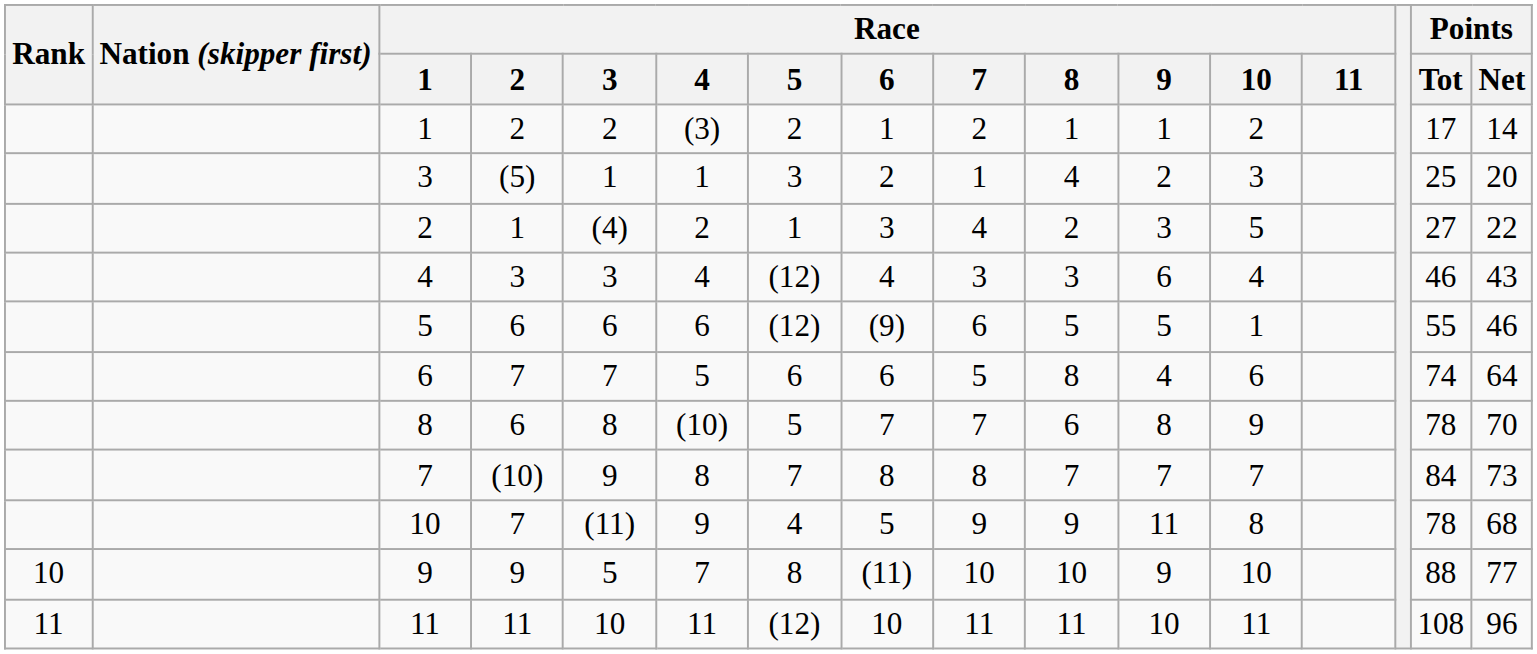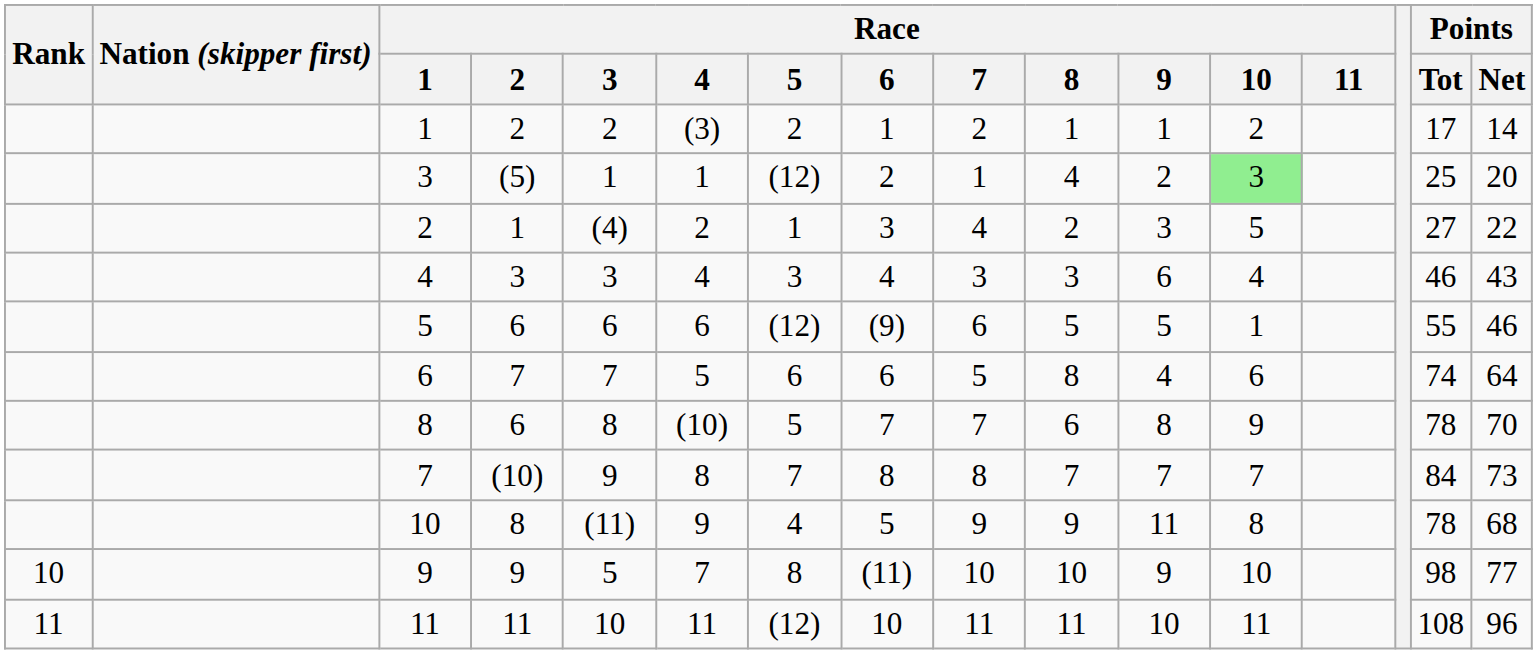 <table class="wikitable" style="text-align:center">
 <tr>
 <th rowspan="2">Rank</th>
 <th rowspan="2">Nation <em>(skipper first)</em></th>
 <th colspan="11">Race</th>
 <th width=1% rowspan=45></th>
 <th colspan="2">Points</th>
 </tr>
 <tr>
 <th width=40>1</th>
 <th width=40>2</th>
 <th width=40>3</th>
 <th width=40>4</th>
 <th width=40>5</th>
 <th width=40>6</th>
 <th width=40>7</th>
 <th width=40>8</th>
 <th width=40>9</th>
 <th width=40>10</th>
 <th width=40>11</th>
 <th>Tot</th>
 <th>Net</th>
 </tr>
 <tr>
 <td></td>
 <td align=left></td>
 <td>1</td>
 <td>2</td>
 <td>2</td>
 <td>(3)</td>
 <td>2</td>
 <td>1</td>
 <td>2</td>
 <td>1</td>
 <td>1</td>
 <td>2</td>
 <td></td>
 <td>17</td>
 <td>14</td>
 </tr>
 <tr>
 <td></td>
 <td align=left></td>
 <td>3</td>
 <td>(5)</td>
 <td>1</td>
 <td>1</td>
-<td>3</td>
+<td>(12)<br><small></small></td>
 <td>2</td>
 <td>1</td>
 <td>4</td>
 <td>2</td>
-<td>3</td>
+<td style="background: lightgreen;">3</td>
 <td></td>
 <td>25</td>
 <td>20</td>
 </tr>
 <tr>
 <td></td>
 <td align=left></td>
 <td>2</td>
 <td>1</td>
 <td>(4)</td>
 <td>2</td>
 <td>1</td>
 <td>3</td>
 <td>4</td>
 <td>2</td>
 <td>3</td>
 <td>5</td>
 <td></td>
 <td>27</td>
 <td>22</td>
 </tr>
 <tr>
 <td></td>
 <td align=left></td>
 <td>4</td>
 <td>3</td>
 <td>3</td>
 <td>4</td>
-<td>(12)<br><small></small></td>
+<td>3</td>
 <td>4</td>
 <td>3</td>
 <td>3</td>
 <td>6</td>
 <td>4</td>
 <td></td>
 <td>46</td>
 <td>43</td>
 </tr>
 <tr>
 <td></td>
 <td align=left></td>
 <td>5</td>
 <td>6<br><small></small></td>
 <td>6</td>
 <td>6</td>
 <td>(12)<br><small></small></td>
 <td>(9)</td>
 <td>6</td>
 <td>5</td>
 <td>5</td>
 <td>1</td>
 <td></td>
 <td>55</td>
 <td>46</td>
 </tr>
 <tr>
 <td></td>
 <td align=left></td>
 <td>6</td>
 <td>7</td>
 <td>7</td>
 <td>5</td>
 <td>6</td>
 <td>6</td>
 <td>5</td>
 <td>8</td>
 <td>4</td>
 <td>6</td>
 <td></td>
 <td>74</td>
 <td>64</td>
 </tr>
 <tr>
 <td></td>
 <td align=left></td>
 <td>8</td>
 <td>6</td>
 <td>8</td>
 <td>(10)</td>
 <td>5</td>
 <td>7</td>
 <td>7</td>
 <td>6</td>
 <td>8</td>
 <td>9</td>
 <td></td>
 <td>78</td>
 <td>70</td>
 </tr>
 <tr>
 <td></td>
 <td align=left></td>
 <td>7</td>
 <td>(10)</td>
 <td>9</td>
 <td>8</td>
 <td>7</td>
 <td>8</td>
 <td>8</td>
 <td>7</td>
 <td>7</td>
 <td>7</td>
 <td></td>
 <td>84</td>
 <td>73</td>
 </tr>
 <tr>
 <td></td>
 <td align=left></td>
 <td>10</td>
-<td>7</td>
+<td>8</td>
 <td>(11)</td>
 <td>9</td>
 <td>4</td>
 <td>5</td>
 <td>9</td>
 <td>9</td>
 <td>11</td>
 <td>8</td>
 <td></td>
 <td>78</td>
 <td>68</td>
 </tr>
 <tr>
 <td>10</td>
 <td align=left></td>
 <td>9</td>
 <td>9</td>
 <td>5</td>
 <td>7</td>
 <td>8</td>
 <td>(11)</td>
 <td>10</td>
 <td>10</td>
 <td>9</td>
 <td>10</td>
 <td></td>
-<td>88</td>
+<td>98</td>
 <td>77</td>
 </tr>
 <tr>
 <td>11</td>
 <td align=left></td>
 <td>11</td>
 <td>11</td>
 <td>10</td>
 <td>11</td>
 <td>(12)<br><small></small></td>
 <td>10</td>
 <td>11</td>
 <td>11</td>
 <td>10</td>
 <td>11</td>
 <td></td>
 <td>108</td>
 <td>96</td>
 </tr>
 </table>
